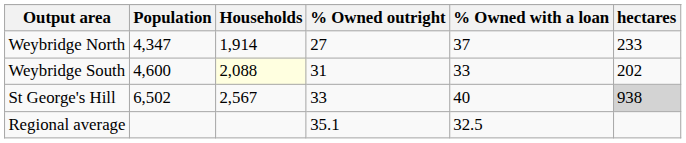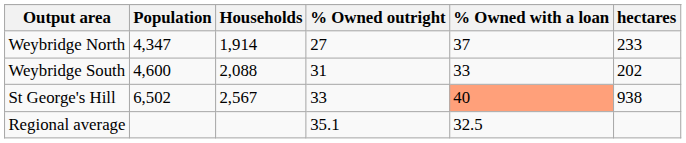 <table class="wikitable">
 <tr>
 </tr>
 <tr>
 <th>Output area</th>
 <th>Population</th>
 <th>Households</th>
 <th>% Owned outright</th>
 <th>% Owned with a loan</th>
 <th>hectares</th>
 </tr>
 <tr>
 <td>Weybridge North</td>
 <td>4,347</td>
 <td>1,914</td>
 <td>27</td>
 <td>37</td>
 <td>233</td>
 </tr>
 <tr>
 <td>Weybridge South</td>
 <td>4,600</td>
-<td style="background: lightyellow;">2,088</td>
+<td>2,088</td>
 <td>31</td>
 <td>33</td>
 <td>202</td>
 </tr>
 <tr>
 <td>St George's Hill</td>
 <td>6,502</td>
 <td>2,567</td>
 <td>33</td>
-<td>40</td>
-<td style="background: lightgrey;">938</td>
+<td style="background: lightsalmon;">40</td>
+<td>938</td>
 </tr>
 <tr>
 <td>Regional average</td>
 <td></td>
 <td></td>
 <td>35.1</td>
 <td>32.5</td>
 <td></td>
 </tr>
 </table>
